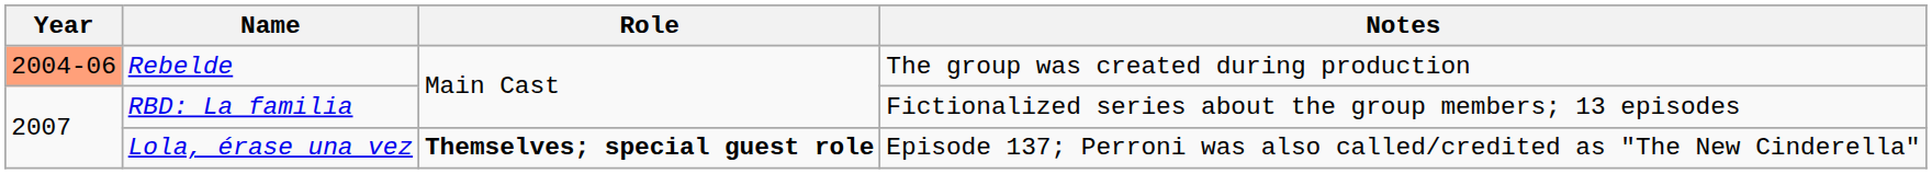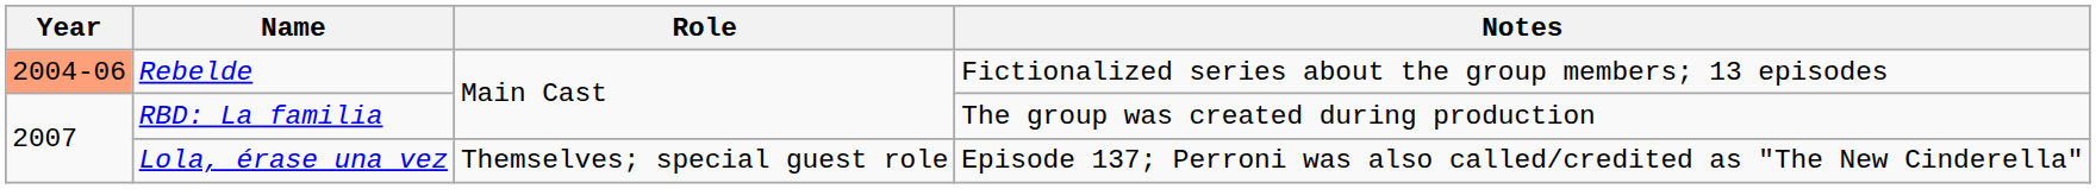 <table class="wikitable">
 <tr>
 <th>Year</th>
 <th>Name</th>
 <th>Role</th>
 <th>Notes</th>
 </tr>
 <tr>
 <td style="background: lightsalmon;">2004-06</td>
 <td><em><a href='#'>Rebelde</a></em></td>
 <td rowspan="2">Main Cast</td>
-<td>The group was created during production</td>
+<td>Fictionalized series about the group members; 13 episodes</td>
 </tr>
 <tr>
 <td rowspan="2">2007</td>
 <td><a href='#'><em>RBD: La familia</em></a></td>
-<td>Fictionalized series about the group members; 13 episodes</td>
+<td>The group was created during production</td>
 </tr>
 <tr>
 <td><a href='#'><em>Lola, érase una vez</em></a></td>
-<td><strong>Themselves; special guest role</strong></td>
+<td>Themselves; special guest role</td>
 <td>Episode 137; Perroni was also called/credited as "The New Cinderella"</td>
 </tr>
 </table>
